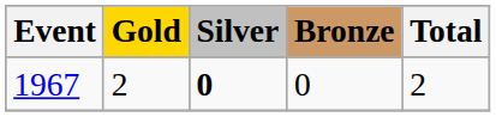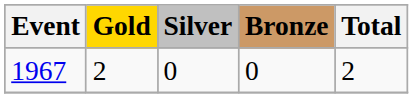 <table class="wikitable">
 <tr>
 <th>Event</th>
 <td style="background:gold; font-weight:bold;">Gold</td>
 <td style="background:silver; font-weight:bold;">Silver</td>
 <td style="background:#c96; font-weight:bold;">Bronze</td>
 <th>Total</th>
 </tr>
 <tr>
 <td><a href='#'>1967</a></td>
 <td>2</td>
-<td><strong>0</strong></td>
+<td>0</td>
 <td>0</td>
 <td>2</td>
 </tr>
 <tr>
 </tr>
 </table>
